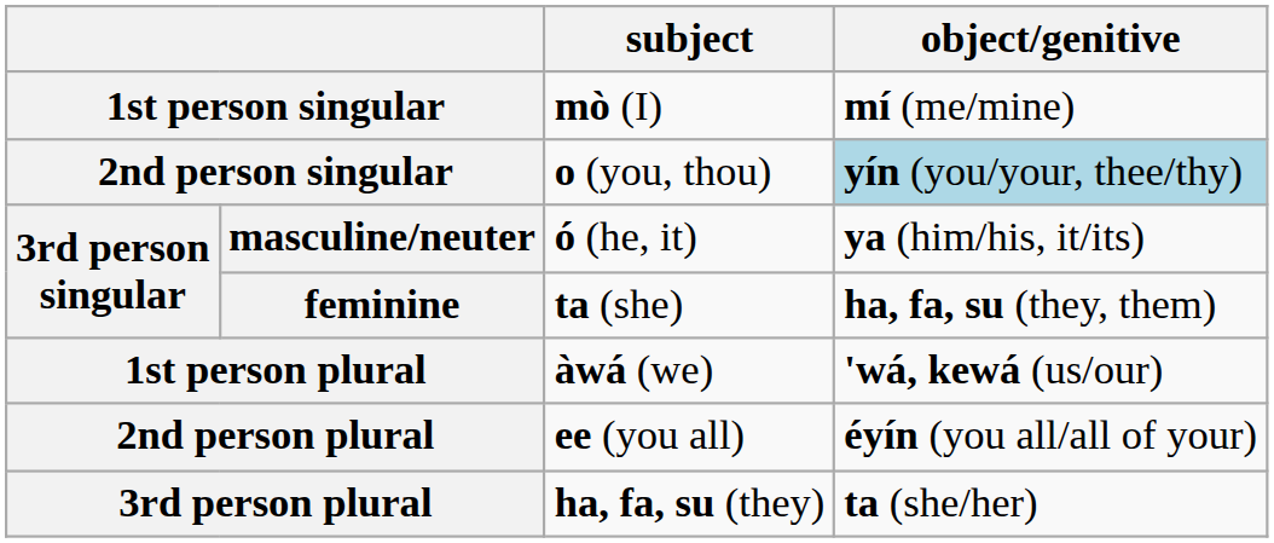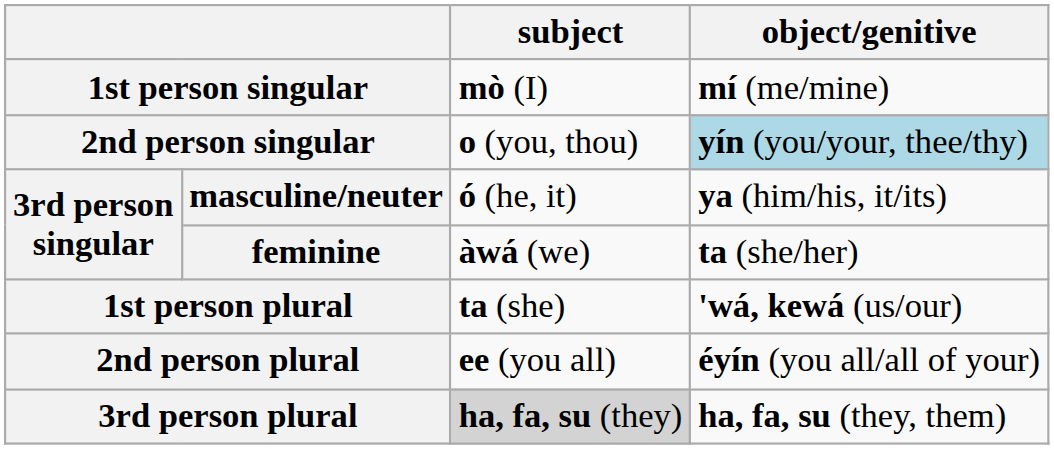 <table class="wikitable">
 <tr>
 <th colspan="2"></th>
 <th>subject</th>
 <th>object/genitive</th>
 </tr>
 <tr>
 <th colspan="2">1st person singular</th>
 <td><strong>mò</strong> (I)</td>
 <td><strong>mí</strong> (me/mine)</td>
 </tr>
 <tr>
 <th colspan="2">2nd person singular</th>
 <td><strong>o</strong> (you, thou)</td>
 <td style="background: lightblue;"><strong>yín</strong> (you/your, thee/thy)</td>
 </tr>
 <tr>
 <th rowspan="2">3rd person<br>singular</th>
 <th>masculine/neuter</th>
 <td><strong>ó</strong> (he, it)</td>
 <td><strong>ya</strong> (him/his, it/its)</td>
 </tr>
 <tr>
 <th>feminine</th>
-<td><strong>ta</strong> (she)</td>
-<td><strong>ha, fa, su</strong> (they, them)</td>
+<td><strong>àwá</strong> (we)</td>
+<td><strong>ta</strong> (she/her)</td>
 </tr>
 <tr>
 <th colspan="2">1st person plural</th>
-<td><strong>àwá</strong> (we)</td>
+<td><strong>ta</strong> (she)</td>
 <td><strong>'wá, kewá</strong> (us/our)</td>
 </tr>
 <tr>
 <th colspan="2">2nd person plural</th>
 <td><strong>ee</strong> (you all)</td>
 <td><strong>éyín</strong> (you all/all of your)</td>
 </tr>
 <tr>
 <th colspan="2">3rd person plural</th>
-<td><strong>ha, fa, su</strong> (they)</td>
-<td><strong>ta</strong> (she/her)</td>
+<td style="background: lightgrey;"><strong>ha, fa, su</strong> (they)</td>
+<td><strong>ha, fa, su</strong> (they, them)</td>
 </tr>
 </table>
